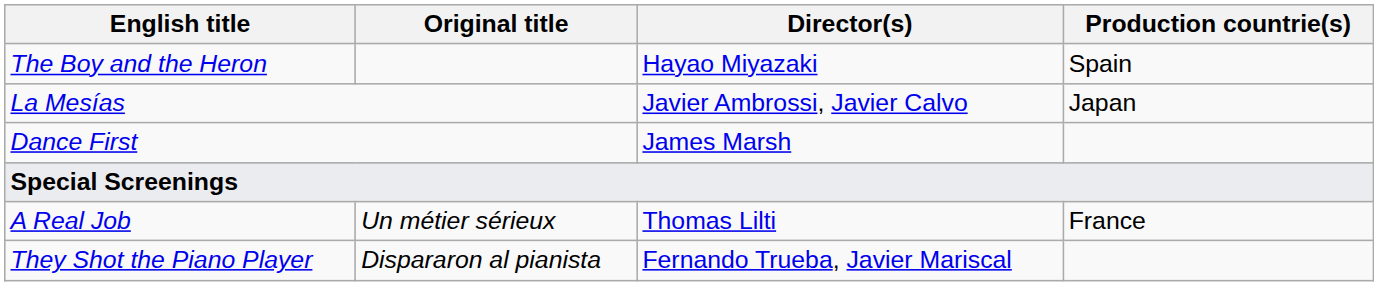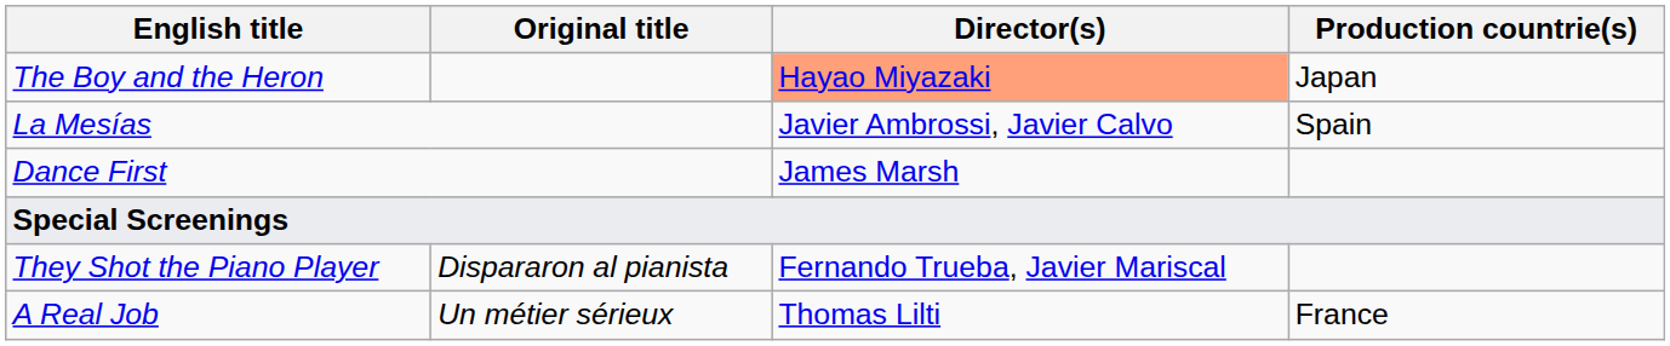 <table class="sortable wikitable" style="width:100%; margin-bottom:4px" cellpadding="5">
 <tr>
 <th scope="col">English title</th>
 <th scope="col">Original title</th>
 <th scope="col">Director(s)</th>
 <th scope="col">Production countrie(s)</th>
 </tr>
 <tr>
 <td><em><a href='#'>The Boy and the Heron</a></em></td>
 <td></td>
-<td><a href='#'>Hayao Miyazaki</a></td>
-<td>Spain</td>
+<td style="background: lightsalmon;"><a href='#'>Hayao Miyazaki</a></td>
+<td>Japan</td>
 </tr>
 <tr>
 <td colspan = "2"><em><a href='#'>La Mesías</a></em> </td>
 <td><a href='#'>Javier Ambrossi</a>, <a href='#'>Javier Calvo</a></td>
-<td>Japan</td>
+<td>Spain</td>
 </tr>
 <tr>
 <td colspan="2"><em><a href='#'>Dance First</a></em></td>
 <td><a href='#'>James Marsh</a></td>
 <td></td>
 </tr>
 <tr>
 <td colspan=4 class="center" style="padding-center:120px; background-color:#EAECF0"><strong>Special Screenings</strong></td>
 </tr>
 <tr>
+<td><em><a href='#'>They Shot the Piano Player</a></em></td>
+<td><em>Dispararon al pianista</em></td>
+<td><a href='#'>Fernando Trueba</a>, <a href='#'>Javier Mariscal</a></td>
+<td></td>
+</tr>
+<tr>
 <td><em><a href='#'>A Real Job</a></em></td>
 <td><em>Un métier sérieux</em></td>
 <td><a href='#'>Thomas Lilti</a></td>
 <td>France</td>
 </tr>
-<tr>
-<td><em><a href='#'>They Shot the Piano Player</a></em></td>
-<td><em>Dispararon al pianista</em></td>
-<td><a href='#'>Fernando Trueba</a>, <a href='#'>Javier Mariscal</a></td>
-<td></td>
-</tr>
 </table>
